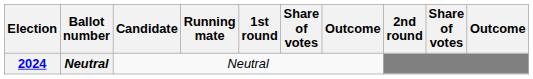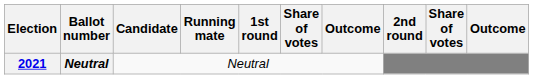 <table class="wikitable">
 <tr>
 <th>Election</th>
 <th>Ballot number</th>
 <th>Candidate</th>
 <th>Running mate</th>
 <th>1st round<br></th>
 <th>Share of votes</th>
 <th>Outcome</th>
 <th>2nd round<br></th>
 <th>Share of votes</th>
 <th>Outcome</th>
 </tr>
 <tr>
-<th><a href='#'>2024</a></th>
+<th><a href='#'>2021</a></th>
 <th><em>Neutral</em></th>
 <td colspan=5 align=center><em>Neutral</em></td>
 <td colspan="3" bgcolor="grey"></td>
 </tr>
 </table>
